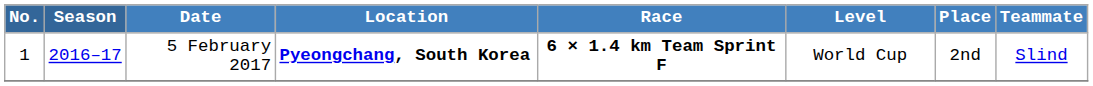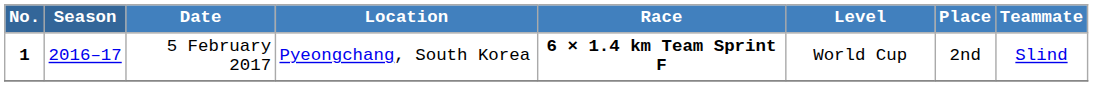 <table class="wikitable sortable" style="font-size:95%; text-align:center; border:grey solid 1px; border-collapse:collapse; background:#ffffff;">
 <tr style="background:#efefef;">
 <th style="background-color:#369; color:white;">No.</th>
 <th style="background-color:#369; color:white;">Season</th>
 <th style="background-color:#4180be; color:white; width:100px;">Date</th>
 <th style="background-color:#4180be; color:white; width:180px;">Location</th>
 <th style="background-color:#4180be; color:white; width:170px;">Race</th>
 <th style="background-color:#4180be; color:white; width:100px;">Level</th>
 <th style="background-color:#4180be; color:white;">Place</th>
 <th style="background-color:#4180be; color:white;">Teammate</th>
 </tr>
 <tr>
-<td align=center>1</td>
+<td align=center><strong>1</strong></td>
 <td rowspan=1 align=center><a href='#'>2016–17</a></td>
 <td align=right>5 February 2017</td>
-<td align=left><strong> <a href='#'>Pyeongchang</a>, South Korea</strong></td>
+<td align=left> <a href='#'>Pyeongchang</a>, South Korea</td>
 <td><strong>6 × 1.4 km Team Sprint F</strong></td>
 <td>World Cup</td>
 <td>2nd</td>
 <td><a href='#'>Slind</a></td>
 </tr>
 <tr>
 </tr>
 </table>
